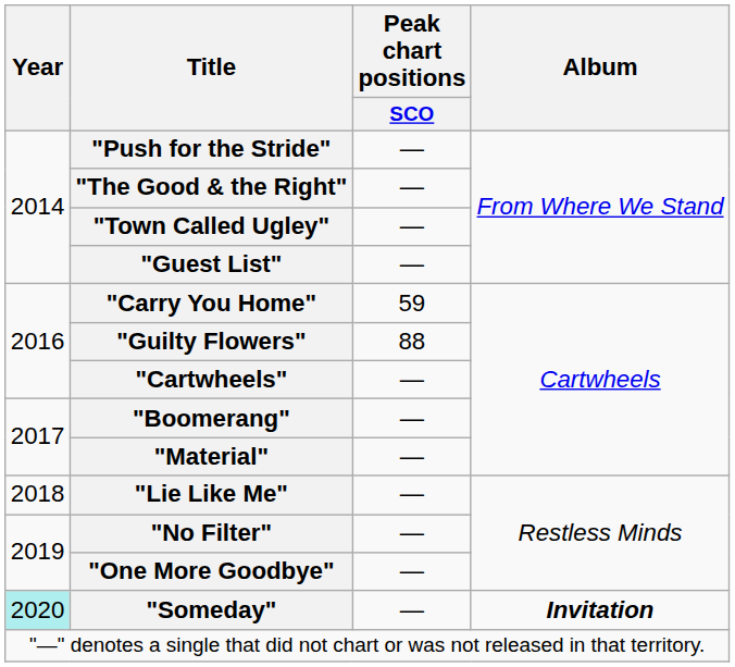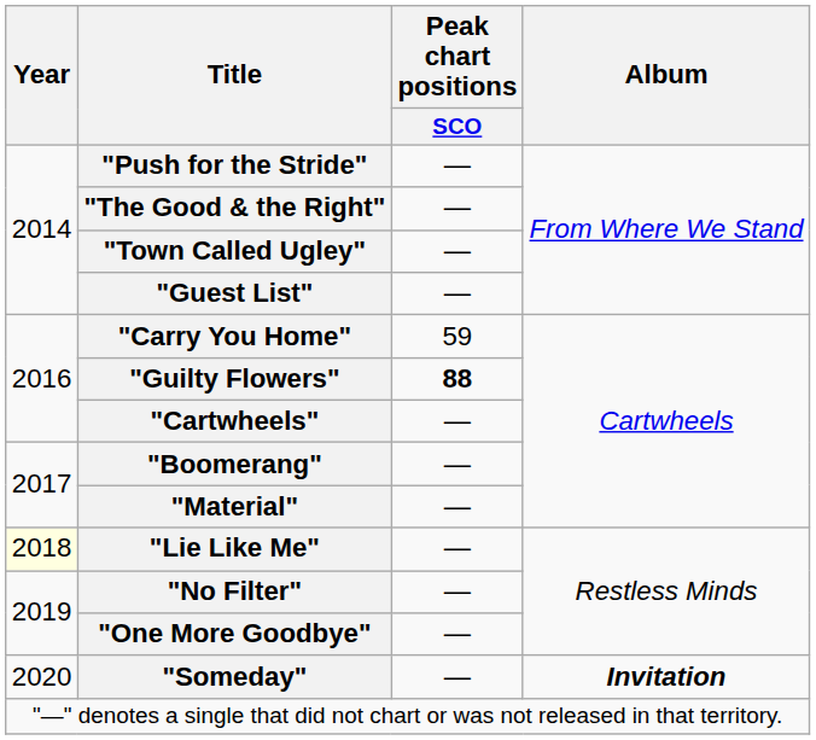 <table class="wikitable plainrowheaders" style="text-align:center;">
 <tr>
 <th scope="col" rowspan="2">Year</th>
 <th scope="col" rowspan="2">Title</th>
 <th scope="col">Peak chart positions</th>
 <th scope="col" rowspan="2">Album</th>
 </tr>
 <tr>
 <th scope="col" style="width:3em;font-size:85%;"><a href='#'>SCO</a><br></th>
 </tr>
 <tr>
 <td rowspan="4">2014</td>
 <th scope="row">"Push for the Stride"</th>
 <td>—</td>
 <td rowspan="4"><em><a href='#'>From Where We Stand</a></em></td>
 </tr>
 <tr>
 <th scope="row">"The Good & the Right"</th>
 <td>—</td>
 </tr>
 <tr>
 <th scope="row">"Town Called Ugley"</th>
 <td>—</td>
 </tr>
 <tr>
 <th scope="row">"Guest List"</th>
 <td>—</td>
 </tr>
 <tr>
 <td rowspan="3">2016</td>
 <th scope="row">"Carry You Home"</th>
 <td>59</td>
 <td rowspan="5"><em><a href='#'>Cartwheels</a></em></td>
 </tr>
 <tr>
 <th scope="row">"Guilty Flowers"</th>
-<td>88</td>
+<td><strong>88</strong></td>
 </tr>
 <tr>
 <th scope="row">"Cartwheels"</th>
 <td>—</td>
 </tr>
 <tr>
 <td rowspan="2">2017</td>
 <th scope="row">"Boomerang"</th>
 <td>—</td>
 </tr>
 <tr>
 <th scope="row">"Material"</th>
 <td>—</td>
 </tr>
 <tr>
-<td>2018</td>
+<td style="background: lightyellow;">2018</td>
 <th scope="row">"Lie Like Me"</th>
 <td>—</td>
 <td rowspan="3"><em>Restless Minds</em></td>
 </tr>
 <tr>
 <td rowspan="2">2019</td>
 <th scope="row">"No Filter"</th>
 <td>—</td>
 </tr>
 <tr>
 <th scope="row">"One More Goodbye"</th>
 <td>—</td>
 </tr>
 <tr>
-<td style="background: paleturquoise;">2020</td>
+<td>2020</td>
 <th scope="row">"Someday"</th>
 <td>—</td>
 <td><strong><em>Invitation</em></strong></td>
 </tr>
 <tr>
 <td colspan="20" style="font-size:85%;">"—" denotes a single that did not chart or was not released in that territory.</td>
 </tr>
 </table>
